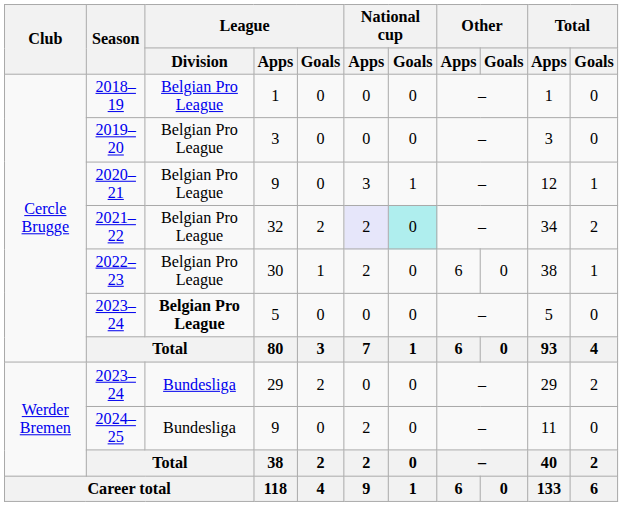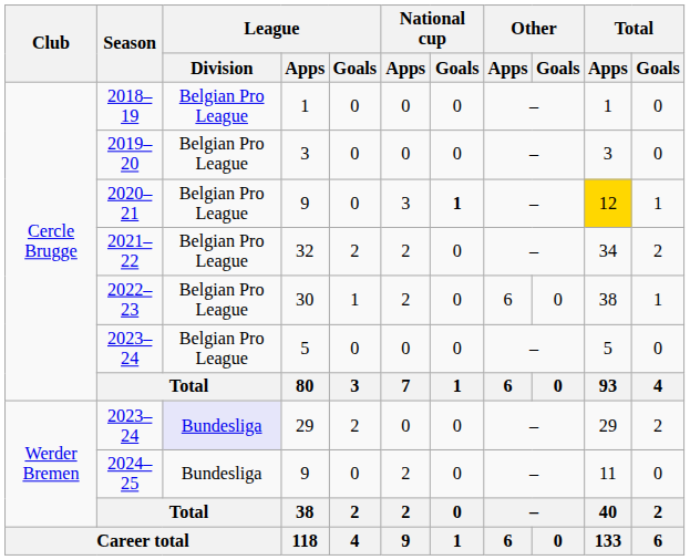 <table class="wikitable" style="text-align:center">
 <tr>
 <th rowspan="2">Club</th>
 <th rowspan="2">Season</th>
 <th colspan="3">League</th>
 <th colspan="2">National cup</th>
 <th colspan="2">Other</th>
 <th colspan="2">Total</th>
 </tr>
 <tr>
 <th>Division</th>
 <th>Apps</th>
 <th>Goals</th>
 <th>Apps</th>
 <th>Goals</th>
 <th>Apps</th>
 <th>Goals</th>
 <th>Apps</th>
 <th>Goals</th>
 </tr>
 <tr>
 <td rowspan="7"><a href='#'>Cercle Brugge</a></td>
 <td><a href='#'>2018–19</a></td>
 <td><a href='#'>Belgian Pro League</a></td>
 <td>1</td>
 <td>0</td>
 <td>0</td>
 <td>0</td>
 <td colspan="2">–</td>
 <td>1</td>
 <td>0</td>
 </tr>
 <tr>
 <td><a href='#'>2019–20</a></td>
 <td>Belgian Pro League</td>
 <td>3</td>
 <td>0</td>
 <td>0</td>
 <td>0</td>
 <td colspan="2">–</td>
 <td>3</td>
 <td>0</td>
 </tr>
 <tr>
 <td><a href='#'>2020–21</a></td>
 <td>Belgian Pro League</td>
 <td>9</td>
 <td>0</td>
 <td>3</td>
-<td>1</td>
+<td><strong>1</strong></td>
 <td colspan="2">–</td>
-<td>12</td>
+<td style="background: gold;">12</td>
 <td>1</td>
 </tr>
 <tr>
 <td><a href='#'>2021–22</a></td>
 <td>Belgian Pro League</td>
 <td>32</td>
 <td>2</td>
-<td style="background: lavender;">2</td>
-<td style="background: paleturquoise;">0</td>
+<td>2</td>
+<td>0</td>
 <td colspan="2">–</td>
 <td>34</td>
 <td>2</td>
 </tr>
 <tr>
 <td><a href='#'>2022–23</a></td>
 <td>Belgian Pro League</td>
 <td>30</td>
 <td>1</td>
 <td>2</td>
 <td>0</td>
 <td>6</td>
 <td>0</td>
 <td>38</td>
 <td>1</td>
 </tr>
 <tr>
 <td><a href='#'>2023–24</a></td>
-<td><strong>Belgian Pro League</strong></td>
+<td>Belgian Pro League</td>
 <td>5</td>
 <td>0</td>
 <td>0</td>
 <td>0</td>
 <td colspan="2">–</td>
 <td>5</td>
 <td>0</td>
 </tr>
 <tr>
 <th colspan="2">Total</th>
 <th>80</th>
 <th>3</th>
 <th>7</th>
 <th>1</th>
 <th>6</th>
 <th>0</th>
 <th>93</th>
 <th>4</th>
 </tr>
 <tr>
 <td rowspan="3"><a href='#'>Werder Bremen</a></td>
 <td><a href='#'>2023–24</a></td>
-<td><a href='#'>Bundesliga</a></td>
+<td style="background: lavender;"><a href='#'>Bundesliga</a></td>
 <td>29</td>
 <td>2</td>
 <td>0</td>
 <td>0</td>
 <td colspan="2">–</td>
 <td>29</td>
 <td>2</td>
 </tr>
 <tr>
 <td><a href='#'>2024–25</a></td>
 <td>Bundesliga</td>
 <td>9</td>
 <td>0</td>
 <td>2</td>
 <td>0</td>
 <td colspan="2">–</td>
 <td>11</td>
 <td>0</td>
 </tr>
 <tr>
 <th colspan="2">Total</th>
 <th>38</th>
 <th>2</th>
 <th>2</th>
 <th>0</th>
 <th colspan="2">–</th>
 <th>40</th>
 <th>2</th>
 </tr>
 <tr>
 <th colspan="3">Career total</th>
 <th>118</th>
 <th>4</th>
 <th>9</th>
 <th>1</th>
 <th>6</th>
 <th>0</th>
 <th>133</th>
 <th>6</th>
 </tr>
 </table>
